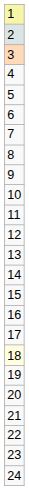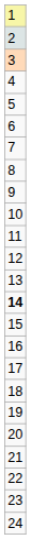 <table class="wikitable">
 <tr bgcolor="#F7F6A8">
 <td>1 </td>
 </tr>
 <tr bgcolor="#DCE5E5">
 <td>2 </td>
 </tr>
 <tr bgcolor="#FFDAB9">
 <td>3 </td>
 </tr>
 <tr>
 <td>4 </td>
 </tr>
 <tr>
 <td>5 </td>
 </tr>
 <tr>
 <td>6 </td>
 </tr>
 <tr>
 <td>7 </td>
 </tr>
 <tr>
 <td>8 </td>
 </tr>
 <tr>
 <td>9 </td>
 </tr>
 <tr>
 <td>10 </td>
 </tr>
 <tr>
 <td>11 </td>
 </tr>
 <tr>
 <td>12 </td>
 </tr>
 <tr>
 <td>13 </td>
 </tr>
 <tr>
-<td>14 </td>
+<td><strong>14 </strong></td>
 </tr>
 <tr>
 <td>15 </td>
 </tr>
 <tr>
 <td>16 </td>
 </tr>
 <tr>
 <td>17 </td>
 </tr>
 <tr>
-<td style="background: lightyellow;">18 </td>
+<td>18 </td>
 </tr>
 <tr>
 <td>19 </td>
 </tr>
 <tr>
 <td>20 </td>
 </tr>
 <tr>
 <td>21 </td>
 </tr>
 <tr>
 <td>22 </td>
 </tr>
 <tr>
 <td>23 </td>
 </tr>
 <tr>
 <td>24 </td>
 </tr>
 </table>
